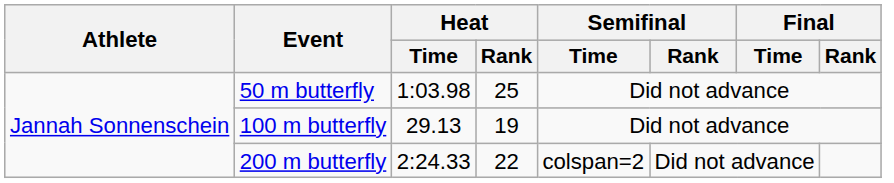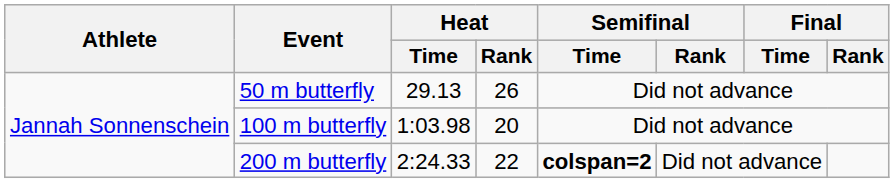 <table class=wikitable style=font-size:90%>
 <tr>
 <th rowspan=2>Athlete</th>
 <th rowspan=2>Event</th>
 <th colspan=2>Heat</th>
 <th colspan=2>Semifinal</th>
 <th colspan=2>Final</th>
 </tr>
 <tr style=font-size:95%>
 <th>Time</th>
 <th>Rank</th>
 <th>Time</th>
 <th>Rank</th>
 <th>Time</th>
 <th>Rank</th>
 </tr>
 <tr align=center>
 <td align=left rowspan=3><a href='#'>Jannah Sonnenschein</a></td>
 <td align=left><a href='#'>50 m butterfly</a></td>
-<td>1:03.98</td>
-<td>25</td>
+<td>29.13</td>
+<td>26</td>
 <td colspan=4>Did not advance</td>
 </tr>
 <tr align=center>
 <td align=left><a href='#'>100 m butterfly</a></td>
-<td>29.13</td>
-<td>19</td>
+<td>1:03.98</td>
+<td>20</td>
 <td colspan=4>Did not advance</td>
 </tr>
 <tr align=center>
 <td align=left><a href='#'>200 m butterfly</a></td>
 <td>2:24.33</td>
 <td>22</td>
-<td>colspan=2 </td>
+<td><strong>colspan=2 </strong></td>
 <td colspan=2>Did not advance</td>
 </tr>
 </table>
